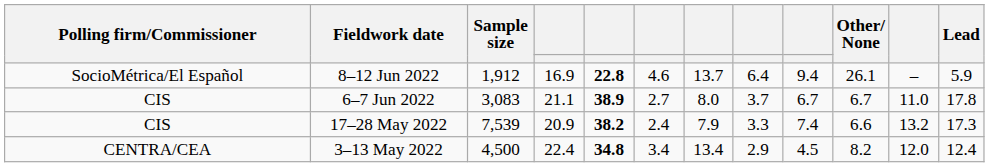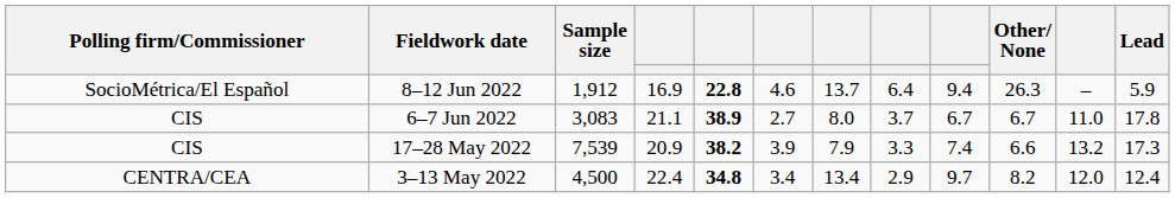 <table class="wikitable collapsible collapsed" style="text-align:center; font-size:90%; line-height:14px;">
 <tr style="height:42px;">
 <th style="width:250px;" rowspan="2">Polling firm/Commissioner</th>
 <th style="width:125px;" rowspan="2">Fieldwork date</th>
 <th style="width:50px;" rowspan="2">Sample size</th>
 <th style="width:35px;"></th>
 <th style="width:35px;"></th>
 <th style="width:35px;"></th>
 <th style="width:35px;"></th>
 <th style="width:35px;"></th>
 <th style="width:35px;"></th>
 <th style="width:35px;" rowspan="2">Other/<br>None</th>
 <th style="width:35px;" rowspan="2"></th>
 <th style="width:30px;" rowspan="2">Lead</th>
 </tr>
 <tr>
 <th style="color:inherit;background:"></th>
 <th style="color:inherit;background:"></th>
 <th style="color:inherit;background:"></th>
 <th style="color:inherit;background:"></th>
 <th style="color:inherit;background:"></th>
 <th style="color:inherit;background:"></th>
 </tr>
 <tr>
 <td>SocioMétrica/El Español</td>
 <td>8–12 Jun 2022</td>
 <td>1,912</td>
 <td>16.9</td>
 <td><strong>22.8</strong></td>
 <td>4.6</td>
 <td>13.7</td>
 <td>6.4</td>
 <td>9.4</td>
-<td>26.1</td>
+<td>26.3</td>
 <td>–</td>
 <td style="background:">5.9</td>
 </tr>
 <tr>
 <td>CIS</td>
 <td>6–7 Jun 2022</td>
 <td>3,083</td>
 <td>21.1</td>
 <td><strong>38.9</strong></td>
 <td>2.7</td>
 <td>8.0</td>
 <td>3.7</td>
 <td>6.7</td>
 <td>6.7</td>
 <td>11.0</td>
 <td style="background:">17.8</td>
 </tr>
 <tr>
 <td>CIS</td>
 <td>17–28 May 2022</td>
 <td>7,539</td>
 <td>20.9</td>
 <td><strong>38.2</strong></td>
-<td>2.4</td>
+<td>3.9</td>
 <td>7.9</td>
 <td>3.3</td>
 <td>7.4</td>
 <td>6.6</td>
 <td>13.2</td>
 <td style="background:">17.3</td>
 </tr>
 <tr>
 <td>CENTRA/CEA</td>
 <td>3–13 May 2022</td>
 <td>4,500</td>
 <td>22.4</td>
 <td><strong>34.8</strong></td>
 <td>3.4</td>
 <td>13.4</td>
 <td>2.9</td>
-<td>4.5</td>
+<td>9.7</td>
 <td>8.2</td>
 <td>12.0</td>
 <td style="background:">12.4</td>
 </tr>
 </table>
